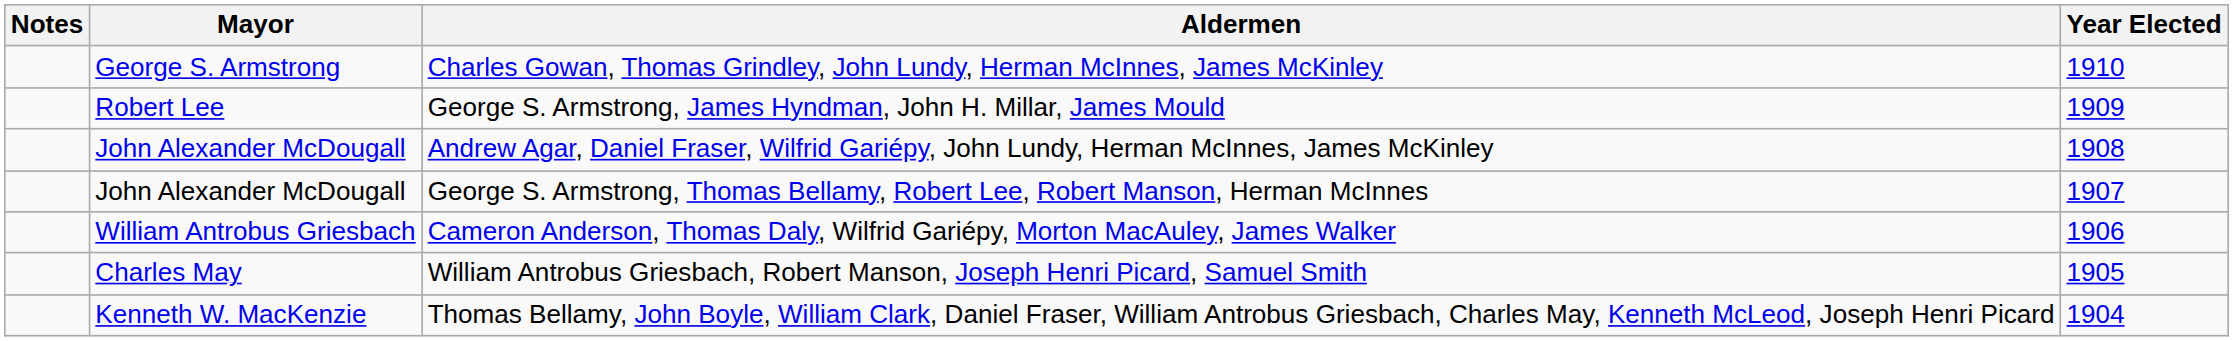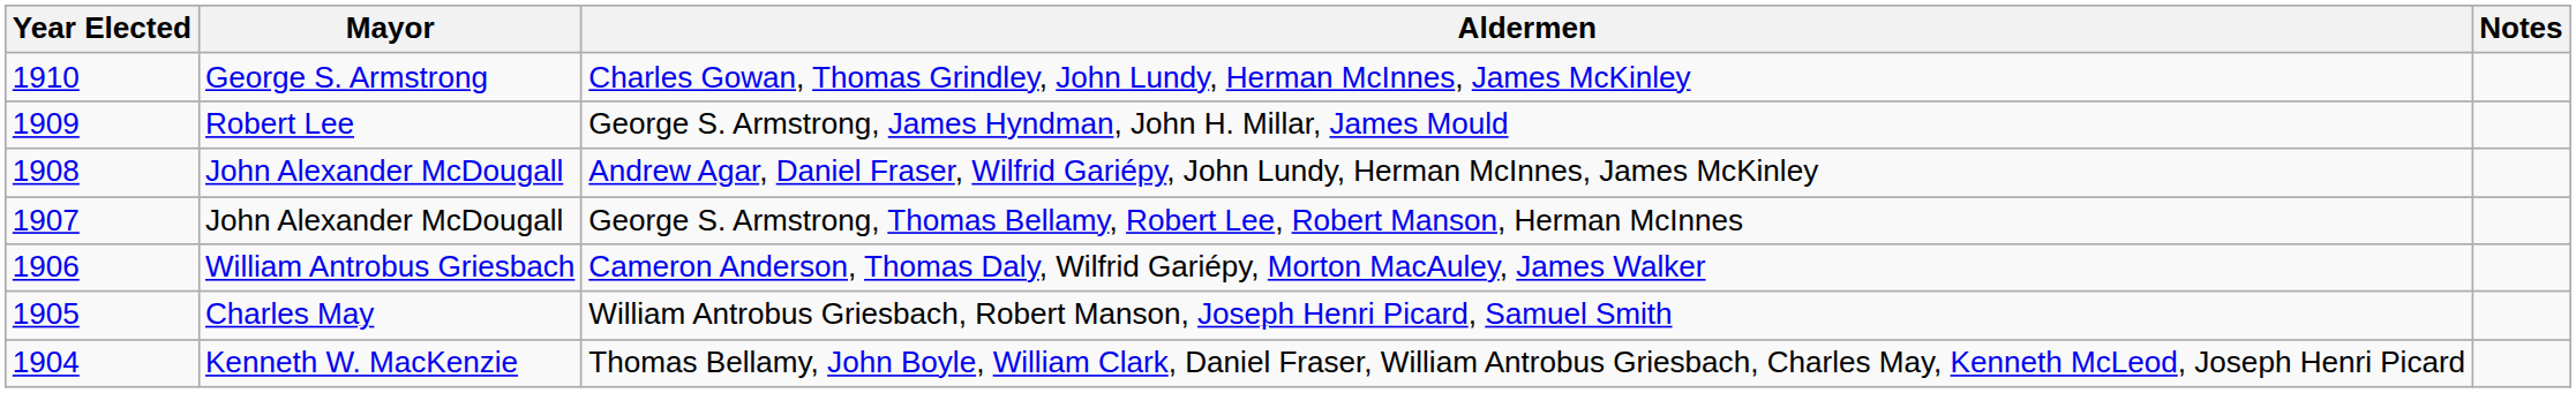 <table class="wikitable">
 <tr>
-<th>Notes</th>
+<th>Year Elected</th>
 <th>Mayor</th>
 <th>Aldermen</th>
-<th>Year Elected</th>
+<th>Notes</th>
 </tr>
 <tr>
-<td></td>
+<td><a href='#'>1910</a></td>
 <td><a href='#'>George S. Armstrong</a></td>
 <td><a href='#'>Charles Gowan</a>, <a href='#'>Thomas Grindley</a>, <a href='#'>John Lundy</a>, <a href='#'>Herman McInnes</a>, <a href='#'>James McKinley</a></td>
-<td><a href='#'>1910</a></td>
+<td></td>
 </tr>
 <tr>
-<td></td>
+<td><a href='#'>1909</a></td>
 <td><a href='#'>Robert Lee</a></td>
 <td>George S. Armstrong, <a href='#'>James Hyndman</a>, John H. Millar, <a href='#'>James Mould</a></td>
-<td><a href='#'>1909</a></td>
+<td></td>
 </tr>
 <tr>
-<td></td>
+<td><a href='#'>1908</a></td>
 <td><a href='#'>John Alexander McDougall</a></td>
 <td><a href='#'>Andrew Agar</a>, <a href='#'>Daniel Fraser</a>, <a href='#'>Wilfrid Gariépy</a>, John Lundy, Herman McInnes, James McKinley</td>
-<td><a href='#'>1908</a></td>
+<td></td>
 </tr>
 <tr>
-<td></td>
+<td><a href='#'>1907</a></td>
 <td>John Alexander McDougall</td>
 <td>George S. Armstrong, <a href='#'>Thomas Bellamy</a>, <a href='#'>Robert Lee</a>, <a href='#'>Robert Manson</a>, Herman McInnes</td>
-<td><a href='#'>1907</a></td>
+<td></td>
 </tr>
 <tr>
-<td></td>
+<td><a href='#'>1906</a></td>
 <td><a href='#'>William Antrobus Griesbach</a></td>
 <td><a href='#'>Cameron Anderson</a>, <a href='#'>Thomas Daly</a>, Wilfrid Gariépy, <a href='#'>Morton MacAuley</a>, <a href='#'>James Walker</a></td>
-<td><a href='#'>1906</a></td>
+<td></td>
 </tr>
 <tr>
-<td></td>
+<td><a href='#'>1905</a></td>
 <td><a href='#'>Charles May</a></td>
 <td>William Antrobus Griesbach, Robert Manson, <a href='#'>Joseph Henri Picard</a>, <a href='#'>Samuel Smith</a></td>
-<td><a href='#'>1905</a></td>
+<td></td>
 </tr>
 <tr>
-<td></td>
+<td><a href='#'>1904</a></td>
 <td><a href='#'>Kenneth W. MacKenzie</a></td>
 <td>Thomas Bellamy, <a href='#'>John Boyle</a>, <a href='#'>William Clark</a>, Daniel Fraser, William Antrobus Griesbach, Charles May, <a href='#'>Kenneth McLeod</a>, Joseph Henri Picard</td>
-<td><a href='#'>1904</a></td>
+<td></td>
 </tr>
 </table>
